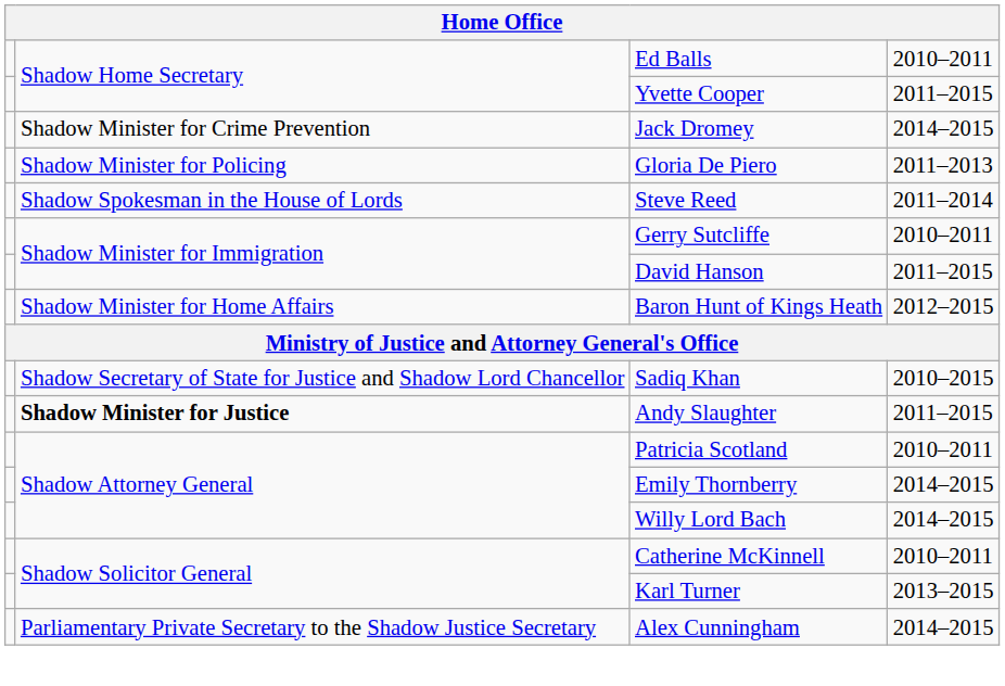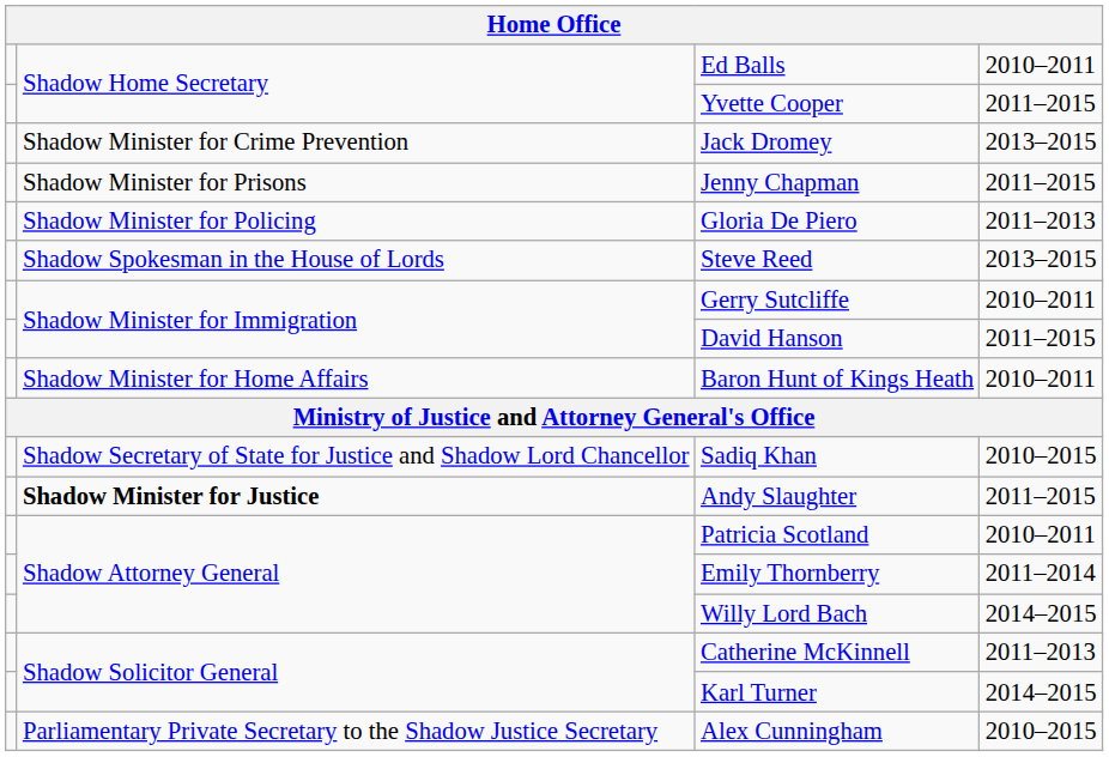 <table class="wikitable">
 <tr>
 <th colspan="4"><a href='#'>Home Office</a></th>
 </tr>
 <tr>
 <td style="background: "></td>
 <td rowspan="2"><a href='#'>Shadow Home Secretary</a></td>
 <td><a href='#'>Ed Balls</a></td>
 <td>2010–2011</td>
 </tr>
 <tr>
 <td style="background: "></td>
 <td><a href='#'>Yvette Cooper</a></td>
 <td>2011–2015</td>
 </tr>
 <tr>
 <td style="background: "></td>
 <td>Shadow Minister for Crime Prevention</td>
 <td><a href='#'>Jack Dromey</a></td>
-<td>2014–2015</td>
+<td>2013–2015</td>
+</tr>
+<tr>
+<td style="background: "></td>
+<td>Shadow Minister for Prisons</td>
+<td><a href='#'>Jenny Chapman</a></td>
+<td>2011–2015</td>
 </tr>
 <tr>
 <td style="background: "></td>
 <td><a href='#'>Shadow Minister for Policing</a></td>
 <td><a href='#'>Gloria De Piero</a></td>
 <td>2011–2013</td>
 </tr>
 <tr>
 <td style="background: "></td>
 <td><a href='#'>Shadow Spokesman in the House of Lords</a></td>
 <td><a href='#'>Steve Reed</a></td>
-<td>2011–2014</td>
+<td>2013–2015</td>
 </tr>
 <tr>
 <td style="background: "></td>
 <td rowspan="2"><a href='#'>Shadow Minister for Immigration</a></td>
 <td><a href='#'>Gerry Sutcliffe</a></td>
 <td>2010–2011</td>
 </tr>
 <tr>
 <td style="background: "></td>
 <td><a href='#'>David Hanson</a></td>
 <td>2011–2015</td>
 </tr>
 <tr>
 <td style="background: "></td>
 <td><a href='#'>Shadow Minister for Home Affairs</a></td>
 <td><a href='#'>Baron Hunt of Kings Heath</a></td>
-<td>2012–2015</td>
+<td>2010–2011</td>
 </tr>
 <tr>
 <th colspan="4"><a href='#'>Ministry of Justice</a> and <a href='#'>Attorney General's Office</a></th>
 </tr>
 <tr>
 <td style="background: "></td>
 <td><a href='#'>Shadow Secretary of State for Justice</a> and <a href='#'>Shadow Lord Chancellor</a></td>
 <td><a href='#'>Sadiq Khan</a></td>
 <td>2010–2015</td>
 </tr>
 <tr>
 <td style="background: "></td>
 <td><strong>Shadow Minister for Justice</strong></td>
 <td><a href='#'>Andy Slaughter</a></td>
 <td>2011–2015</td>
 </tr>
 <tr>
 <td style="background: "></td>
 <td rowspan="3"><a href='#'>Shadow Attorney General</a></td>
 <td><a href='#'>Patricia Scotland</a></td>
 <td>2010–2011</td>
 </tr>
 <tr>
 <td style="background: "></td>
 <td><a href='#'>Emily Thornberry</a></td>
-<td>2014–2015</td>
+<td>2011–2014</td>
 </tr>
 <tr>
 <td style="background: "></td>
 <td><a href='#'>Willy Lord Bach</a></td>
 <td>2014–2015</td>
 </tr>
 <tr>
 <td style="background: "></td>
 <td rowspan="2"><a href='#'>Shadow Solicitor General</a></td>
 <td><a href='#'>Catherine McKinnell</a></td>
-<td>2010–2011</td>
+<td>2011–2013</td>
 </tr>
 <tr>
 <td style="background: "></td>
 <td><a href='#'>Karl Turner</a></td>
-<td>2013–2015</td>
+<td>2014–2015</td>
 </tr>
 <tr>
 <td style="background: "></td>
 <td><a href='#'>Parliamentary Private Secretary</a> to the <a href='#'>Shadow Justice Secretary</a></td>
 <td><a href='#'>Alex Cunningham</a></td>
-<td>2014–2015</td>
+<td>2010–2015</td>
 </tr>
 </table>
